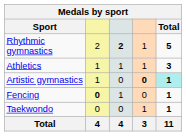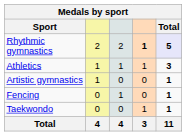 <table class="wikitable" style="font-size:90%; text-align:center;">
 <tr>
 <th colspan=5>Medals by sport</th>
 </tr>
 <tr>
 <th width=120>Sport</th>
 <th scope="col" width=30 style="background:#F7F6A8;"></th>
 <th scope="col" width=30 style="background:#DCE5E5;"></th>
 <th scope="col" width=30 style="background:#FFDAB9;"></th>
 <th width=30>Total</th>
 </tr>
 <tr>
 <td align="left"><a href='#'>Rhythmic gymnastics</a></td>
 <td style="background:#F7F6A8;">2</td>
-<td style="background:#DCE5E5;"><strong>2</strong></td>
-<td style="background:#FFDAB9;">1</td>
-<td><strong>5</strong></td>
+<td style="background:#DCE5E5;">2</td>
+<td style="background:#FFDAB9;"><strong>1</strong></td>
+<td style="background: lavender;"><strong>5</strong></td>
 </tr>
 <tr>
 <td align="left"><a href='#'>Athletics</a></td>
 <td style="background:#F7F6A8;">1</td>
 <td style="background:#DCE5E5;">1</td>
 <td style="background:#FFDAB9;">1</td>
 <td><strong>3</strong></td>
 </tr>
 <tr>
 <td align="left"><a href='#'>Artistic gymnastics</a></td>
 <td style="background:#F7F6A8;">1</td>
 <td style="background:#DCE5E5;">0</td>
-<td style="background:#FFDAB9;"><strong>0</strong></td>
-<td style="background: paleturquoise;"><strong>1</strong></td>
+<td style="background:#FFDAB9;">0</td>
+<td><strong>1</strong></td>
 </tr>
 <tr>
 <td align="left"><a href='#'>Fencing</a></td>
-<td style="background:#F7F6A8;"><strong>0</strong></td>
+<td style="background:#F7F6A8;">0</td>
 <td style="background:#DCE5E5;">1</td>
 <td style="background:#FFDAB9;">0</td>
 <td><strong>1</strong></td>
 </tr>
 <tr>
 <td align="left"><a href='#'>Taekwondo</a></td>
 <td style="background:#F7F6A8;">0</td>
 <td style="background:#DCE5E5;">0</td>
 <td style="background:#FFDAB9;">1</td>
 <td><strong>1</strong></td>
 </tr>
 <tr class="sortbottom">
 <th>Total</th>
 <th>4</th>
 <th>4</th>
 <th>3</th>
 <th>11</th>
 </tr>
 </table>
